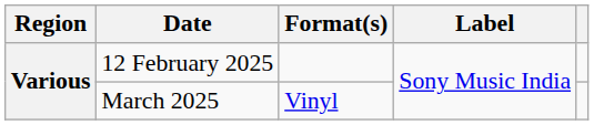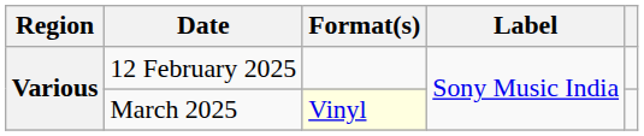 <table class="wikitable plainrowheaders">
 <tr>
 <th scope="col">Region</th>
 <th scope="col">Date</th>
 <th scope="col">Format(s)</th>
 <th scope="col">Label</th>
 <th scope="col"></th>
 </tr>
 <tr>
 <th rowspan="2" scope="row">Various</th>
 <td>12 February 2025</td>
 <td></td>
 <td rowspan="2"><a href='#'>Sony Music India</a></td>
 <td align="center"></td>
 </tr>
 <tr>
 <td>March 2025</td>
-<td {{Hlist><a href='#'>Vinyl</a></td>
+<td {{Hlist style="background: lightyellow;"><a href='#'>Vinyl</a></td>
 <td align="center"></td>
 </tr>
 </table>
